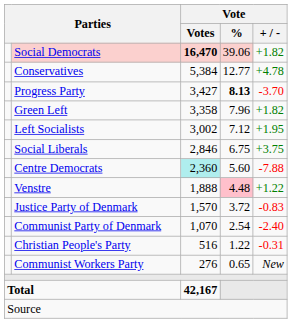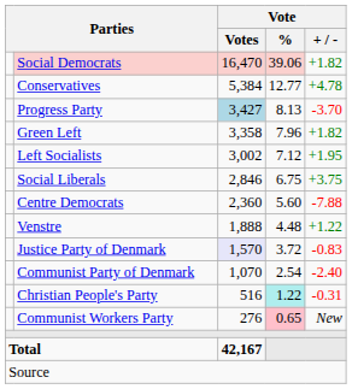 <table class="wikitable" style="text-align:right;">
 <tr>
 <th style="text-align:centre;" rowspan="2" colspan="2" width="225">Parties</th>
 <th colspan="3">Vote</th>
 </tr>
 <tr>
 <th width="15">Votes</th>
 <th width="15">%</th>
 <th width="15">+ / -</th>
 </tr>
 <tr>
 <td width="2" style="color:inherit;background:"></td>
 <td bgcolor=#fbd0ce  align="left"><a href='#'>Social Democrats</a></td>
-<td bgcolor=#fbd0ce><strong>16,470</strong></td>
+<td bgcolor=#fbd0ce>16,470</td>
 <td bgcolor=#fbd0ce>39.06</td>
 <td style=color:green;>+1.82</td>
 </tr>
 <tr>
 <td width="2" style="color:inherit;background:"></td>
 <td align="left"><a href='#'>Conservatives</a></td>
 <td>5,384</td>
 <td>12.77</td>
 <td style=color:green;>+4.78</td>
 </tr>
 <tr>
 <td width="2" style="color:inherit;background:"></td>
 <td align="left"><a href='#'>Progress Party</a></td>
-<td>3,427</td>
-<td><strong>8.13</strong></td>
+<td style="background: lightblue;">3,427</td>
+<td>8.13</td>
 <td style=color:red;>-3.70</td>
 </tr>
 <tr>
 <td width="2" style="color:inherit;background:"></td>
 <td align="left"><a href='#'>Green Left</a></td>
 <td>3,358</td>
 <td>7.96</td>
 <td style=color:green;>+1.82</td>
 </tr>
 <tr>
 <td width="2" style="color:inherit;background:"></td>
 <td align="left"><a href='#'>Left Socialists</a></td>
 <td>3,002</td>
 <td>7.12</td>
 <td style=color:green;>+1.95</td>
 </tr>
 <tr>
 <td width="2" style="color:inherit;background:"></td>
 <td align="left"><a href='#'>Social Liberals</a></td>
 <td>2,846</td>
 <td>6.75</td>
 <td style=color:green;>+3.75</td>
 </tr>
 <tr>
 <td width="2" style="color:inherit;background:"></td>
 <td align="left"><a href='#'>Centre Democrats</a></td>
-<td style="background: paleturquoise;">2,360</td>
+<td>2,360</td>
 <td>5.60</td>
 <td style=color:red;>-7.88</td>
 </tr>
 <tr>
 <td width="2" style="color:inherit;background:"></td>
 <td align="left"><a href='#'>Venstre</a></td>
 <td>1,888</td>
-<td style="background: pink;">4.48</td>
+<td>4.48</td>
 <td style=color:green;>+1.22</td>
 </tr>
 <tr>
 <td width="2" style="color:inherit;background:"></td>
 <td align="left"><a href='#'>Justice Party of Denmark</a></td>
-<td>1,570</td>
+<td style="background: lavender;">1,570</td>
 <td>3.72</td>
 <td style=color:red;>-0.83</td>
 </tr>
 <tr>
 <td width="2" style="color:inherit;background:"></td>
 <td align="left"><a href='#'>Communist Party of Denmark</a></td>
 <td>1,070</td>
 <td>2.54</td>
 <td style=color:red;>-2.40</td>
 </tr>
 <tr>
 <td width="2" style="color:inherit;background:"></td>
 <td align="left"><a href='#'>Christian People's Party</a></td>
 <td>516</td>
-<td>1.22</td>
+<td style="background: paleturquoise;">1.22</td>
 <td style=color:red;>-0.31</td>
 </tr>
 <tr>
 <td width="2" style="color:inherit;background:"></td>
 <td align="left"><a href='#'>Communist Workers Party</a></td>
 <td>276</td>
-<td>0.65</td>
+<td style="background: pink;">0.65</td>
 <td><em>New</em></td>
 </tr>
 <tr>
 <td colspan="7" bgcolor="#E9E9E9"></td>
 </tr>
 <tr>
 <td align="left" colspan="2"><strong>Total</strong></td>
 <td><strong>42,167</strong></td>
 <td bgcolor="#E9E9E9" colspan="2"></td>
 </tr>
 <tr>
 <td align="left" colspan="6">Source</td>
 </tr>
 </table>
